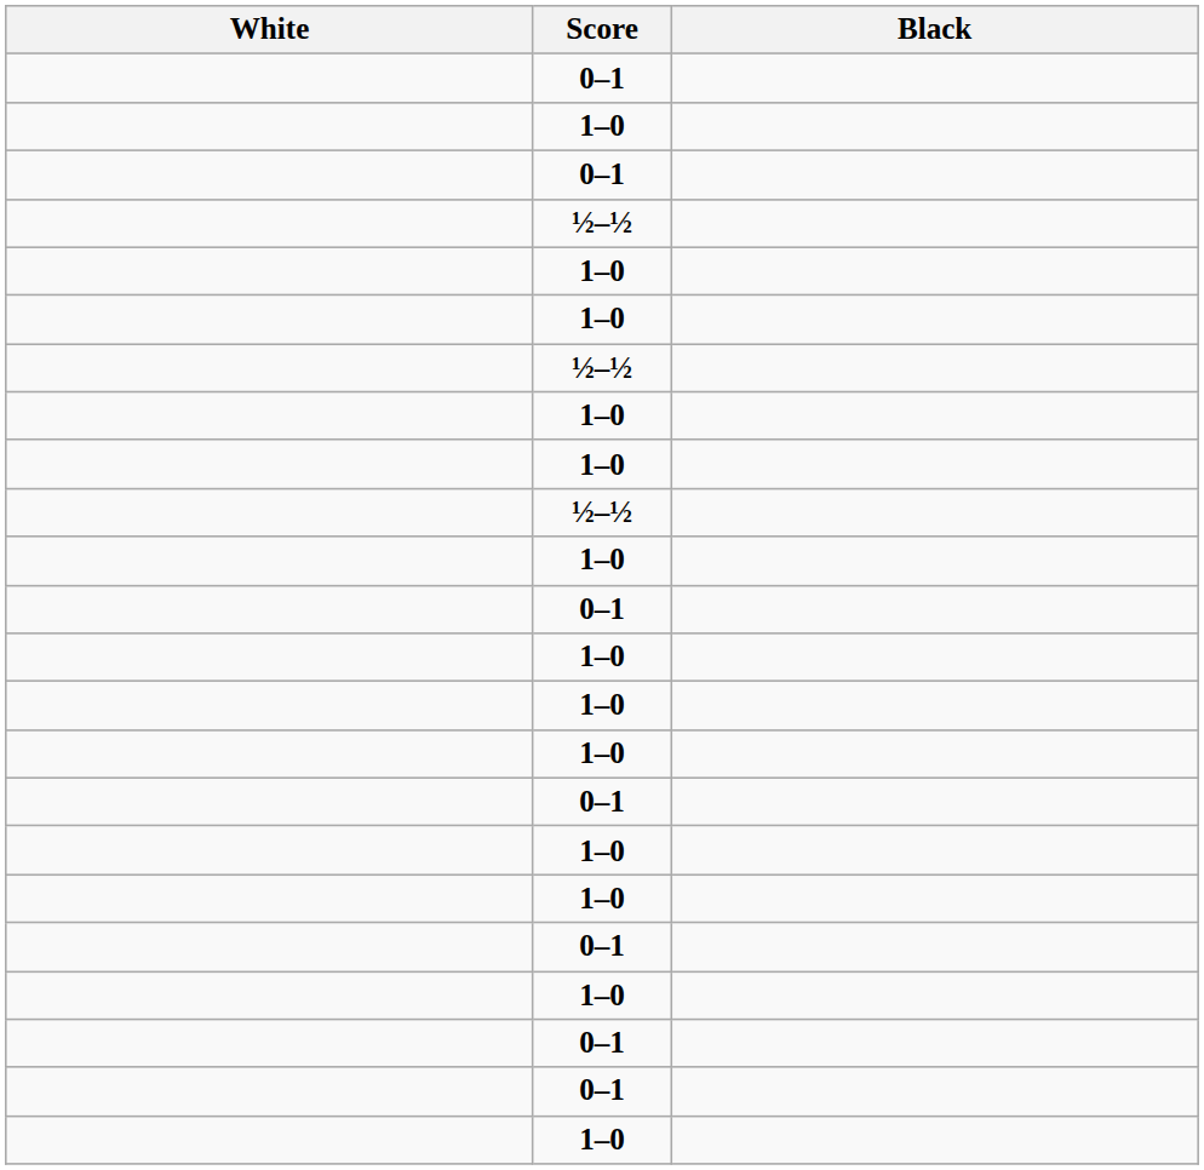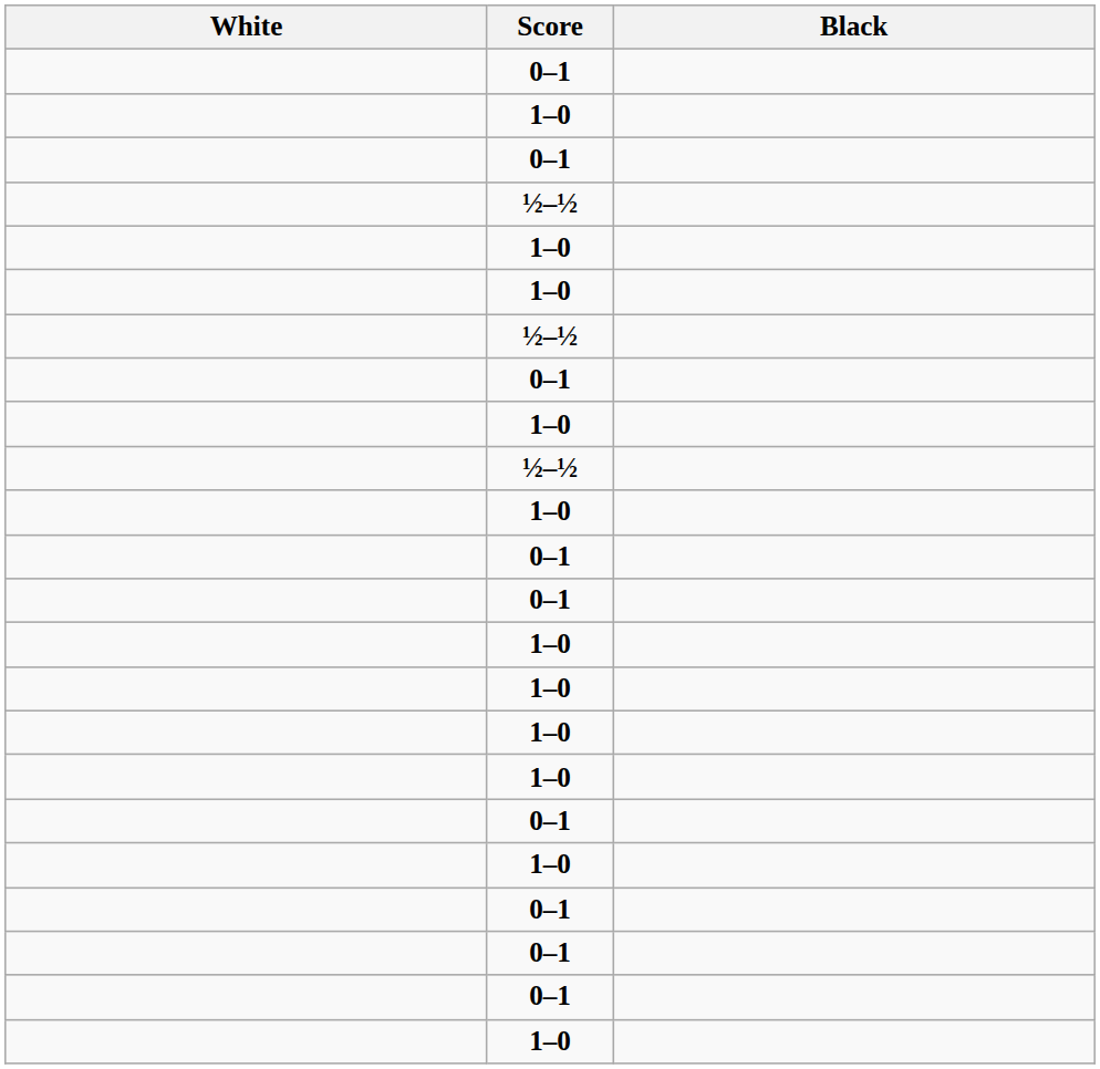 <table class="wikitable" style="text-align: center;">
 <tr>
 <th align="right" width="270">White</th>
 <th width="65">Score</th>
 <th align="left" width="270">Black</th>
 </tr>
 <tr>
 <td align=left></td>
 <td align=center><strong>0–1</strong></td>
 <td align=left><strong></strong></td>
 </tr>
 <tr>
 <td align=left></td>
 <td align=center><strong>1–0</strong></td>
 <td align=left></td>
 </tr>
 <tr>
 <td align=left><strong></strong></td>
 <td align=center><strong>0–1</strong></td>
 <td align=left></td>
 </tr>
 <tr>
 <td align=left></td>
 <td align=center><strong>½–½</strong></td>
 <td align=left></td>
 </tr>
 <tr>
 <td align=left><strong></strong></td>
 <td align=center><strong>1–0</strong></td>
 <td align=left></td>
 </tr>
 <tr>
 <td align=left><strong></strong></td>
 <td align=center><strong>1–0</strong></td>
 <td align=left></td>
 </tr>
 <tr>
 <td align=left></td>
 <td align=center><strong>½–½</strong></td>
 <td align=left></td>
 </tr>
 <tr>
 <td align=left></td>
-<td align=center><strong>1–0</strong></td>
+<td align=center><strong>0–1</strong></td>
 <td align=left><strong></strong></td>
 </tr>
 <tr>
 <td align=left></td>
 <td align=center><strong>1–0</strong></td>
 <td align=left><strong></strong></td>
 </tr>
 <tr>
 <td align=left></td>
 <td align=center><strong>½–½</strong></td>
 <td align=left></td>
 </tr>
 <tr>
 <td align=left><strong></strong></td>
 <td align=center><strong>1–0</strong></td>
 <td align=left></td>
 </tr>
 <tr>
 <td align=left></td>
 <td align=center><strong>0–1</strong></td>
 <td align=left><strong></strong></td>
+</tr>
+<tr>
+<td align=left><strong></strong></td>
+<td align=center><strong>0–1</strong></td>
+<td align=left></td>
+</tr>
+<tr>
+<td align=left><strong></strong></td>
+<td align=center><strong>1–0</strong></td>
+<td align=left></td>
 </tr>
 <tr>
 <td align=left><strong></strong></td>
 <td align=center><strong>1–0</strong></td>
 <td align=left></td>
 </tr>
 <tr>
 <td align=left><strong></strong></td>
 <td align=center><strong>1–0</strong></td>
 <td align=left></td>
 </tr>
 <tr>
 <td align=left><strong></strong></td>
 <td align=center><strong>1–0</strong></td>
 <td align=left></td>
 </tr>
 <tr>
 <td align=left><strong></strong></td>
 <td align=center><strong>0–1</strong></td>
 <td align=left></td>
 </tr>
 <tr>
 <td align=left><strong></strong></td>
 <td align=center><strong>1–0</strong></td>
 <td align=left></td>
 </tr>
 <tr>
-<td align=left><strong></strong></td>
-<td align=center><strong>1–0</strong></td>
 <td align=left></td>
-</tr>
-<tr>
-<td align=left><strong></strong></td>
 <td align=center><strong>0–1</strong></td>
-<td align=left></td>
-</tr>
-<tr>
-<td align=left></td>
-<td align=center><strong>1–0</strong></td>
 <td align=left><strong></strong></td>
 </tr>
 <tr>
 <td align=left></td>
 <td align=center><strong>0–1</strong></td>
 <td align=left><strong></strong></td>
 </tr>
 <tr>
 <td align=left></td>
 <td align=center><strong>0–1</strong></td>
 <td align=left><strong></strong></td>
 </tr>
 <tr>
 <td align=left><strong></strong></td>
 <td align=center><strong>1–0</strong></td>
 <td align=left></td>
 </tr>
 </table>
